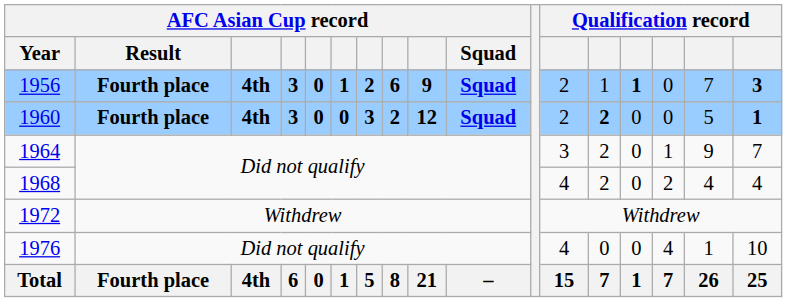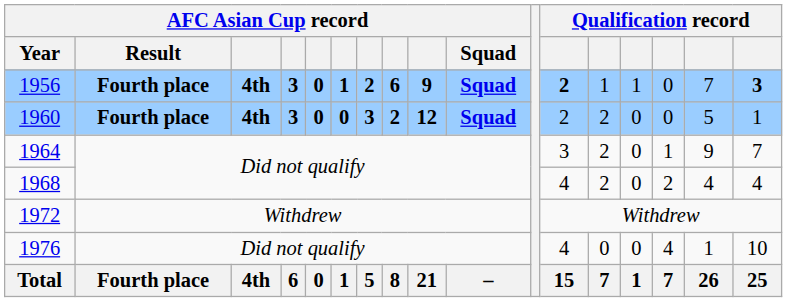 <table class="wikitable" style="text-align: center;">
 <tr>
 <th colspan=10><a href='#'>AFC Asian Cup</a> record</th>
 <th rowspan="21" style="width:1%;"></th>
 <th colspan=6><a href='#'>Qualification</a> record</th>
 </tr>
 <tr>
 <th>Year</th>
 <th>Result</th>
 <th></th>
 <th></th>
 <th></th>
 <th></th>
 <th></th>
 <th></th>
 <th></th>
 <th>Squad</th>
 <th></th>
 <th></th>
 <th></th>
 <th></th>
 <th></th>
 <th></th>
 </tr>
 <tr style="background:#9acdff;">
 <td> <a href='#'>1956</a></td>
 <td><strong>Fourth place</strong></td>
 <td><strong>4th</strong></td>
 <td><strong>3</strong></td>
 <td><strong>0</strong></td>
 <td><strong>1</strong></td>
 <td><strong>2</strong></td>
 <td><strong>6</strong></td>
 <td><strong>9</strong></td>
 <td><strong><a href='#'>Squad</a></strong></td>
-<td>2</td>
+<td><strong>2</strong></td>
 <td>1</td>
-<td><strong>1</strong></td>
+<td>1</td>
 <td>0</td>
 <td>7</td>
 <td><strong>3</strong></td>
 </tr>
 <tr style="background:#9acdff;">
 <td> <a href='#'>1960</a></td>
 <td><strong>Fourth place</strong></td>
 <td><strong>4th</strong></td>
 <td><strong>3</strong></td>
 <td><strong>0</strong></td>
 <td><strong>0</strong></td>
 <td><strong>3</strong></td>
 <td><strong>2</strong></td>
 <td><strong>12</strong></td>
 <td><strong><a href='#'>Squad</a></strong></td>
 <td>2</td>
-<td><strong>2</strong></td>
+<td>2</td>
 <td>0</td>
 <td>0</td>
 <td>5</td>
-<td><strong>1</strong></td>
+<td>1</td>
 </tr>
 <tr>
 <td> <a href='#'>1964</a></td>
 <td colspan=9 rowspan=2><em>Did not qualify</em></td>
 <td>3</td>
 <td>2</td>
 <td>0</td>
 <td>1</td>
 <td>9</td>
 <td>7</td>
 </tr>
 <tr>
 <td> <a href='#'>1968</a></td>
 <td>4</td>
 <td>2</td>
 <td>0</td>
 <td>2</td>
 <td>4</td>
 <td>4</td>
 </tr>
 <tr>
 <td> <a href='#'>1972</a></td>
 <td colspan=9><em>Withdrew</em></td>
 <td colspan=6><em>Withdrew</em></td>
 </tr>
 <tr>
 <td> <a href='#'>1976</a></td>
 <td colspan=9 rowspan=1><em>Did not qualify</em></td>
 <td>4</td>
 <td>0</td>
 <td>0</td>
 <td>4</td>
 <td>1</td>
 <td>10</td>
 </tr>
 <tr>
 <th><strong>Total</strong></th>
 <th><strong>Fourth place</strong></th>
 <th><strong>4th</strong></th>
 <th><strong>6</strong></th>
 <th><strong>0</strong></th>
 <th><strong>1</strong></th>
 <th><strong>5</strong></th>
 <th><strong>8</strong></th>
 <th><strong>21</strong></th>
 <th><strong>–</strong></th>
 <th><strong>15</strong></th>
 <th><strong>7</strong></th>
 <th><strong>1</strong></th>
 <th><strong>7</strong></th>
 <th><strong>26</strong></th>
 <th><strong>25</strong></th>
 </tr>
 </table>
